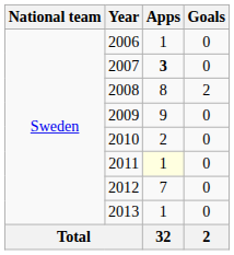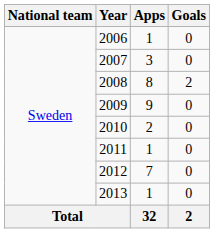 <table class="wikitable" style="text-align:center">
 <tr>
 <th>National team</th>
 <th>Year</th>
 <th>Apps</th>
 <th>Goals</th>
 </tr>
 <tr>
 <td rowspan="8"><a href='#'>Sweden</a></td>
 <td>2006</td>
 <td>1</td>
 <td>0</td>
 </tr>
 <tr>
 <td>2007</td>
-<td><strong>3</strong></td>
+<td>3</td>
 <td>0</td>
 </tr>
 <tr>
 <td>2008</td>
 <td>8</td>
 <td>2</td>
 </tr>
 <tr>
 <td>2009</td>
 <td>9</td>
 <td>0</td>
 </tr>
 <tr>
 <td>2010</td>
 <td>2</td>
 <td>0</td>
 </tr>
 <tr>
 <td>2011</td>
-<td style="background: lightyellow;">1</td>
+<td>1</td>
 <td>0</td>
 </tr>
 <tr>
 <td>2012</td>
 <td>7</td>
 <td>0</td>
 </tr>
 <tr>
 <td>2013</td>
 <td>1</td>
 <td>0</td>
 </tr>
 <tr>
 <th colspan="2">Total</th>
 <th>32</th>
 <th>2</th>
 </tr>
 </table>
